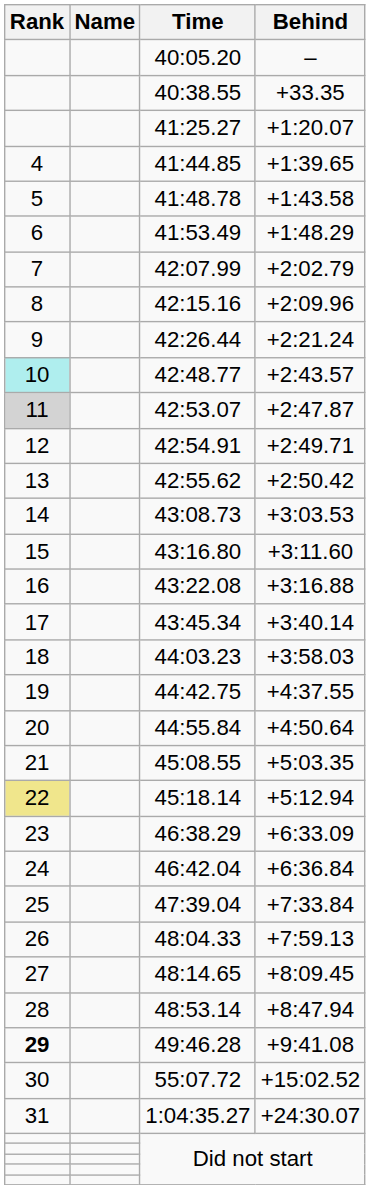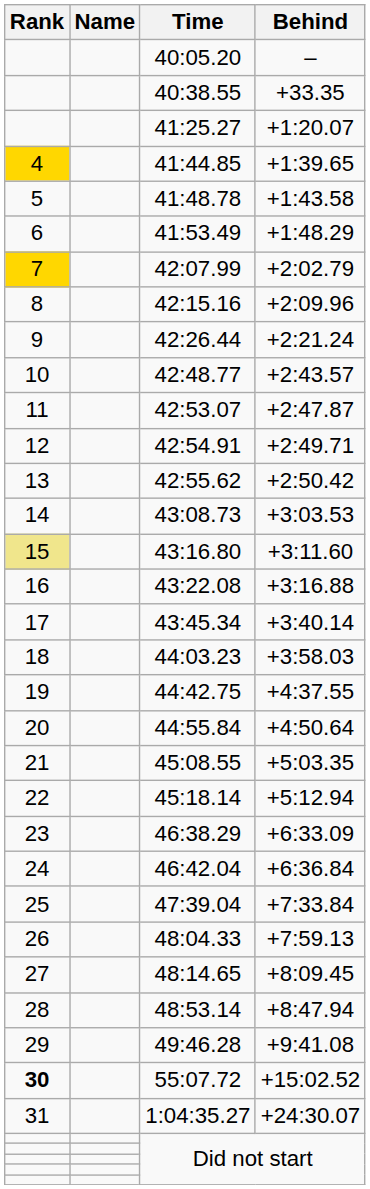 <table class="wikitable" style="text-align:center">
 <tr>
 <th>Rank</th>
 <th>Name</th>
 <th>Time</th>
 <th>Behind</th>
 </tr>
 <tr>
 <td></td>
 <td align=left></td>
 <td>40:05.20</td>
 <td>–</td>
 </tr>
 <tr>
 <td></td>
 <td align=left></td>
 <td>40:38.55</td>
 <td>+33.35</td>
 </tr>
 <tr>
 <td></td>
 <td align=left></td>
 <td>41:25.27</td>
 <td>+1:20.07</td>
 </tr>
 <tr>
-<td>4</td>
+<td style="background: gold;">4</td>
 <td align=left></td>
 <td>41:44.85</td>
 <td>+1:39.65</td>
 </tr>
 <tr>
 <td>5</td>
 <td align=left></td>
 <td>41:48.78</td>
 <td>+1:43.58</td>
 </tr>
 <tr>
 <td>6</td>
 <td align=left></td>
 <td>41:53.49</td>
 <td>+1:48.29</td>
 </tr>
 <tr>
-<td>7</td>
+<td style="background: gold;">7</td>
 <td align=left></td>
 <td>42:07.99</td>
 <td>+2:02.79</td>
 </tr>
 <tr>
 <td>8</td>
 <td align=left></td>
 <td>42:15.16</td>
 <td>+2:09.96</td>
 </tr>
 <tr>
 <td>9</td>
 <td align=left></td>
 <td>42:26.44</td>
 <td>+2:21.24</td>
 </tr>
 <tr>
-<td style="background: paleturquoise;">10</td>
+<td>10</td>
 <td align=left></td>
 <td>42:48.77</td>
 <td>+2:43.57</td>
 </tr>
 <tr>
-<td style="background: lightgrey;">11</td>
+<td>11</td>
 <td align=left></td>
 <td>42:53.07</td>
 <td>+2:47.87</td>
 </tr>
 <tr>
 <td>12</td>
 <td align=left></td>
 <td>42:54.91</td>
 <td>+2:49.71</td>
 </tr>
 <tr>
 <td>13</td>
 <td align=left></td>
 <td>42:55.62</td>
 <td>+2:50.42</td>
 </tr>
 <tr>
 <td>14</td>
 <td align=left></td>
 <td>43:08.73</td>
 <td>+3:03.53</td>
 </tr>
 <tr>
-<td>15</td>
+<td style="background: khaki;">15</td>
 <td align=left></td>
 <td>43:16.80</td>
 <td>+3:11.60</td>
 </tr>
 <tr>
 <td>16</td>
 <td align=left></td>
 <td>43:22.08</td>
 <td>+3:16.88</td>
 </tr>
 <tr>
 <td>17</td>
 <td align=left></td>
 <td>43:45.34</td>
 <td>+3:40.14</td>
 </tr>
 <tr>
 <td>18</td>
 <td align=left></td>
 <td>44:03.23</td>
 <td>+3:58.03</td>
 </tr>
 <tr>
 <td>19</td>
 <td align=left></td>
 <td>44:42.75</td>
 <td>+4:37.55</td>
 </tr>
 <tr>
 <td>20</td>
 <td align=left></td>
 <td>44:55.84</td>
 <td>+4:50.64</td>
 </tr>
 <tr>
 <td>21</td>
 <td align=left></td>
 <td>45:08.55</td>
 <td>+5:03.35</td>
 </tr>
 <tr>
-<td style="background: khaki;">22</td>
+<td>22</td>
 <td align=left></td>
 <td>45:18.14</td>
 <td>+5:12.94</td>
 </tr>
 <tr>
 <td>23</td>
 <td align=left></td>
 <td>46:38.29</td>
 <td>+6:33.09</td>
 </tr>
 <tr>
 <td>24</td>
 <td align=left></td>
 <td>46:42.04</td>
 <td>+6:36.84</td>
 </tr>
 <tr>
 <td>25</td>
 <td align=left></td>
 <td>47:39.04</td>
 <td>+7:33.84</td>
 </tr>
 <tr>
 <td>26</td>
 <td align=left></td>
 <td>48:04.33</td>
 <td>+7:59.13</td>
 </tr>
 <tr>
 <td>27</td>
 <td align=left></td>
 <td>48:14.65</td>
 <td>+8:09.45</td>
 </tr>
 <tr>
 <td>28</td>
 <td align=left></td>
 <td>48:53.14</td>
 <td>+8:47.94</td>
 </tr>
 <tr>
-<td><strong>29</strong></td>
+<td>29</td>
 <td align=left></td>
 <td>49:46.28</td>
 <td>+9:41.08</td>
 </tr>
 <tr>
-<td>30</td>
+<td><strong>30</strong></td>
 <td align=left></td>
 <td>55:07.72</td>
 <td>+15:02.52</td>
 </tr>
 <tr>
 <td>31</td>
 <td align=left></td>
 <td>1:04:35.27</td>
 <td>+24:30.07</td>
 </tr>
 <tr>
 <td></td>
 <td align=left></td>
 <td colspan=2 rowspan=5>Did not start</td>
 </tr>
 <tr>
 <td></td>
 <td align=left></td>
 </tr>
 <tr>
 <td></td>
 <td align=left></td>
 </tr>
 <tr>
 <td></td>
 <td align=left></td>
 </tr>
 <tr>
 <td></td>
 <td align=left></td>
 </tr>
 </table>
